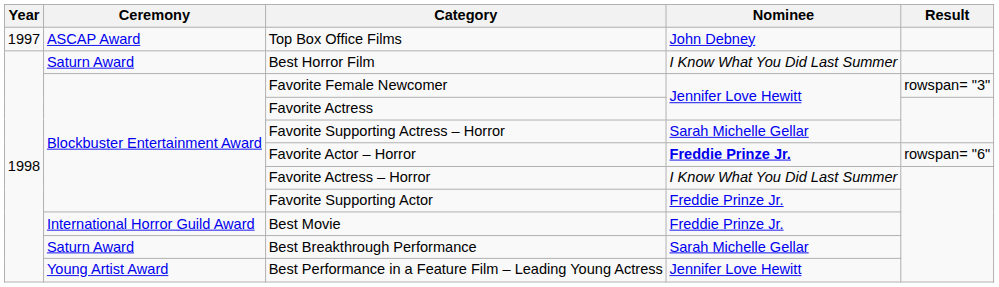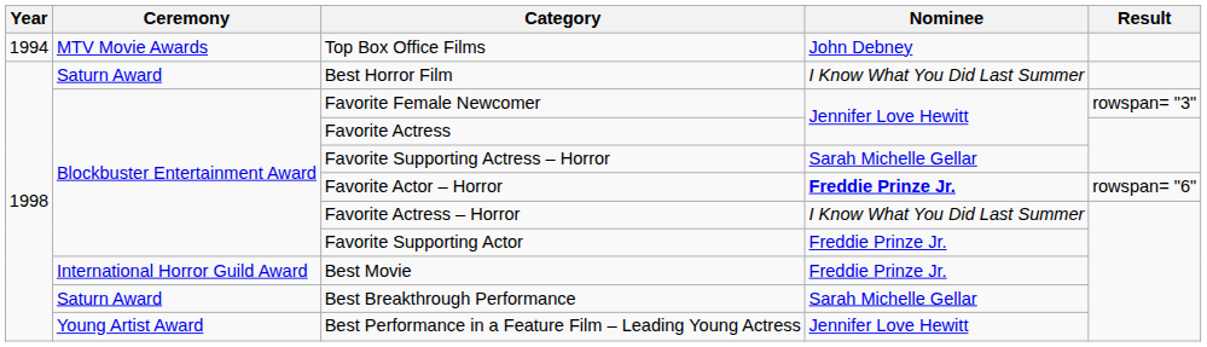 <table class="wikitable sortable">
 <tr>
 <th align="left">Year</th>
 <th align="left">Ceremony</th>
 <th align="left">Category</th>
 <th align="left">Nominee</th>
 <th align="left">Result</th>
 </tr>
 <tr>
-<td align="left">1997</td>
-<td align="left"><a href='#'>ASCAP Award</a></td>
+<td align="left">1994</td>
+<td align="left"><a href='#'>MTV Movie Awards</a></td>
 <td align="left">Top Box Office Films</td>
 <td align="left"><a href='#'>John Debney</a></td>
 <td></td>
 </tr>
 <tr>
 <td rowspan="10" align="left">1998</td>
 <td align="left"><a href='#'>Saturn Award</a></td>
 <td align="left">Best Horror Film</td>
 <td align="left"><em>I Know What You Did Last Summer</em></td>
 <td></td>
 </tr>
 <tr>
 <td rowspan="6" align="left"><a href='#'>Blockbuster Entertainment Award</a></td>
 <td align="left">Favorite Female Newcomer</td>
 <td rowspan= "2" align="left"><a href='#'>Jennifer Love Hewitt</a></td>
 <td>rowspan= "3" </td>
 </tr>
 <tr>
 <td align="left">Favorite Actress</td>
 </tr>
 <tr>
 <td align="left">Favorite Supporting Actress – Horror</td>
 <td align="left"><a href='#'>Sarah Michelle Gellar</a></td>
 </tr>
 <tr>
 <td align="left">Favorite Actor – Horror</td>
 <td align="left"><strong><a href='#'>Freddie Prinze Jr.</a></strong></td>
 <td>rowspan= "6" </td>
 </tr>
 <tr>
 <td align="left">Favorite Actress – Horror</td>
 <td align="left"><em>I Know What You Did Last Summer</em></td>
 </tr>
 <tr>
 <td align="left">Favorite Supporting Actor</td>
 <td align="left"><a href='#'>Freddie Prinze Jr.</a></td>
 </tr>
 <tr>
 <td align="left"><a href='#'>International Horror Guild Award</a></td>
 <td align="left">Best Movie</td>
 <td align="left"><a href='#'>Freddie Prinze Jr.</a></td>
 </tr>
 <tr>
 <td align="left"><a href='#'>Saturn Award</a></td>
 <td align="left">Best Breakthrough Performance</td>
 <td align="left"><a href='#'>Sarah Michelle Gellar</a></td>
 </tr>
 <tr>
 <td align="left"><a href='#'>Young Artist Award</a></td>
 <td align="left">Best Performance in a Feature Film – Leading Young Actress</td>
 <td align="left"><a href='#'>Jennifer Love Hewitt</a></td>
 </tr>
 </table>
